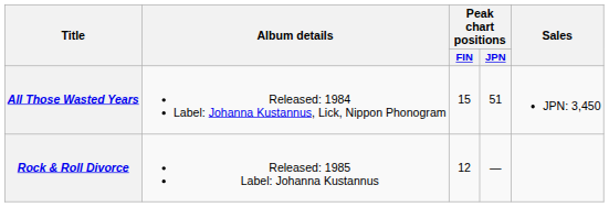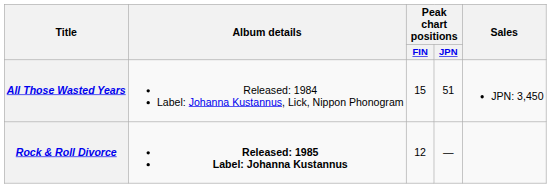 <table class="wikitable plainrowheaders" style="text-align:center;">
 <tr>
 <th rowspan="2">Title</th>
 <th rowspan="2">Album details</th>
 <th colspan="2">Peak chart positions</th>
 <th rowspan="2">Sales</th>
 </tr>
 <tr>
 <th scope="col" style="width:2.5em;font-size:90%;"><a href='#'>FIN</a><br></th>
 <th scope="col" style="width:2.5em;font-size:90%;"><a href='#'>JPN</a><br></th>
 </tr>
 <tr>
 <th scope="row"><em><a href='#'>All Those Wasted Years</a></em></th>
 <td><br><ul><li>Released: 1984</li><li>Label: <a href='#'>Johanna Kustannus</a>, Lick, Nippon Phonogram</li></ul></td>
 <td>15</td>
 <td>51</td>
 <td><br><ul><li>JPN: 3,450</li></ul></td>
 </tr>
 <tr>
 <th scope="row"><em><a href='#'>Rock & Roll Divorce</a></em></th>
-<td><br><ul><li>Released: 1985</li><li>Label: Johanna Kustannus</li></ul></td>
+<td><strong><br><ul><li>Released: 1985</li><li>Label: Johanna Kustannus</li></ul></strong></td>
 <td>12</td>
 <td>—</td>
 <td></td>
 </tr>
 </table>
